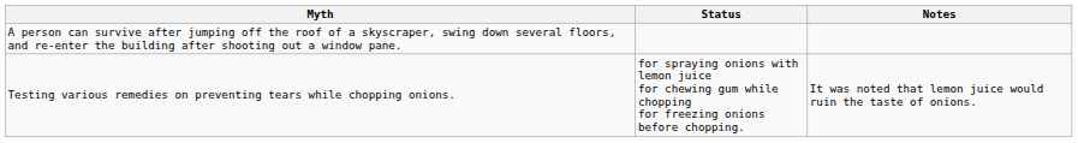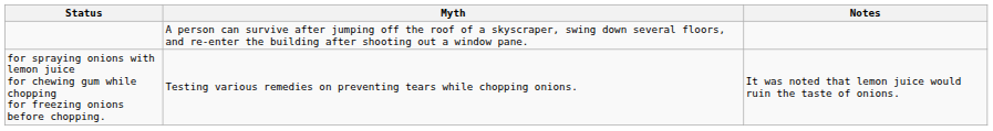 <table class="wikitable">
 <tr>
+<th>Status</th>
 <th>Myth</th>
-<th>Status</th>
 <th>Notes</th>
 </tr>
 <tr>
+<td></td>
 <td>A person can survive after jumping off the roof of a skyscraper, swing down several floors, and re-enter the building after shooting out a window pane.</td>
-<td></td>
 <td></td>
 </tr>
 <tr>
+<td> for spraying onions with lemon juice<br> for chewing gum while chopping<br> for freezing onions before chopping.</td>
 <td>Testing various remedies on preventing tears while chopping onions.</td>
-<td> for spraying onions with lemon juice<br> for chewing gum while chopping<br> for freezing onions before chopping.</td>
 <td>It was noted that lemon juice would ruin the taste of onions.</td>
 </tr>
 </table>
